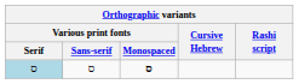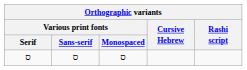 <table class=wikitable style="text-align:center;">
 <tr>
 <th colspan=5><small><a href='#'>Orthographic</a> variants</small></th>
 </tr>
 <tr>
 <th colspan=3><small>Various print fonts</small></th>
 <th rowspan=2><small><a href='#'>Cursive<br>Hebrew</a></small></th>
 <th rowspan=2><small><a href='#'>Rashi<br>script</a></small></th>
 </tr>
 <tr>
 <th><small>Serif</small></th>
 <th><small><a href='#'>Sans-serif</a></small></th>
 <th><small><a href='#'>Monospaced</a></small></th>
 </tr>
 <tr>
-<td width=20% style="background: lightblue;"><span>ס</span></td>
 <td width=20%><span>ס</span></td>
-<td width=20%><strong><span>ס</span></strong></td>
+<td width=20%><span>ס</span></td>
+<td width=20%><span>ס</span></td>
 <td width=20%></td>
 <td width=20%></td>
 </tr>
 </table>
